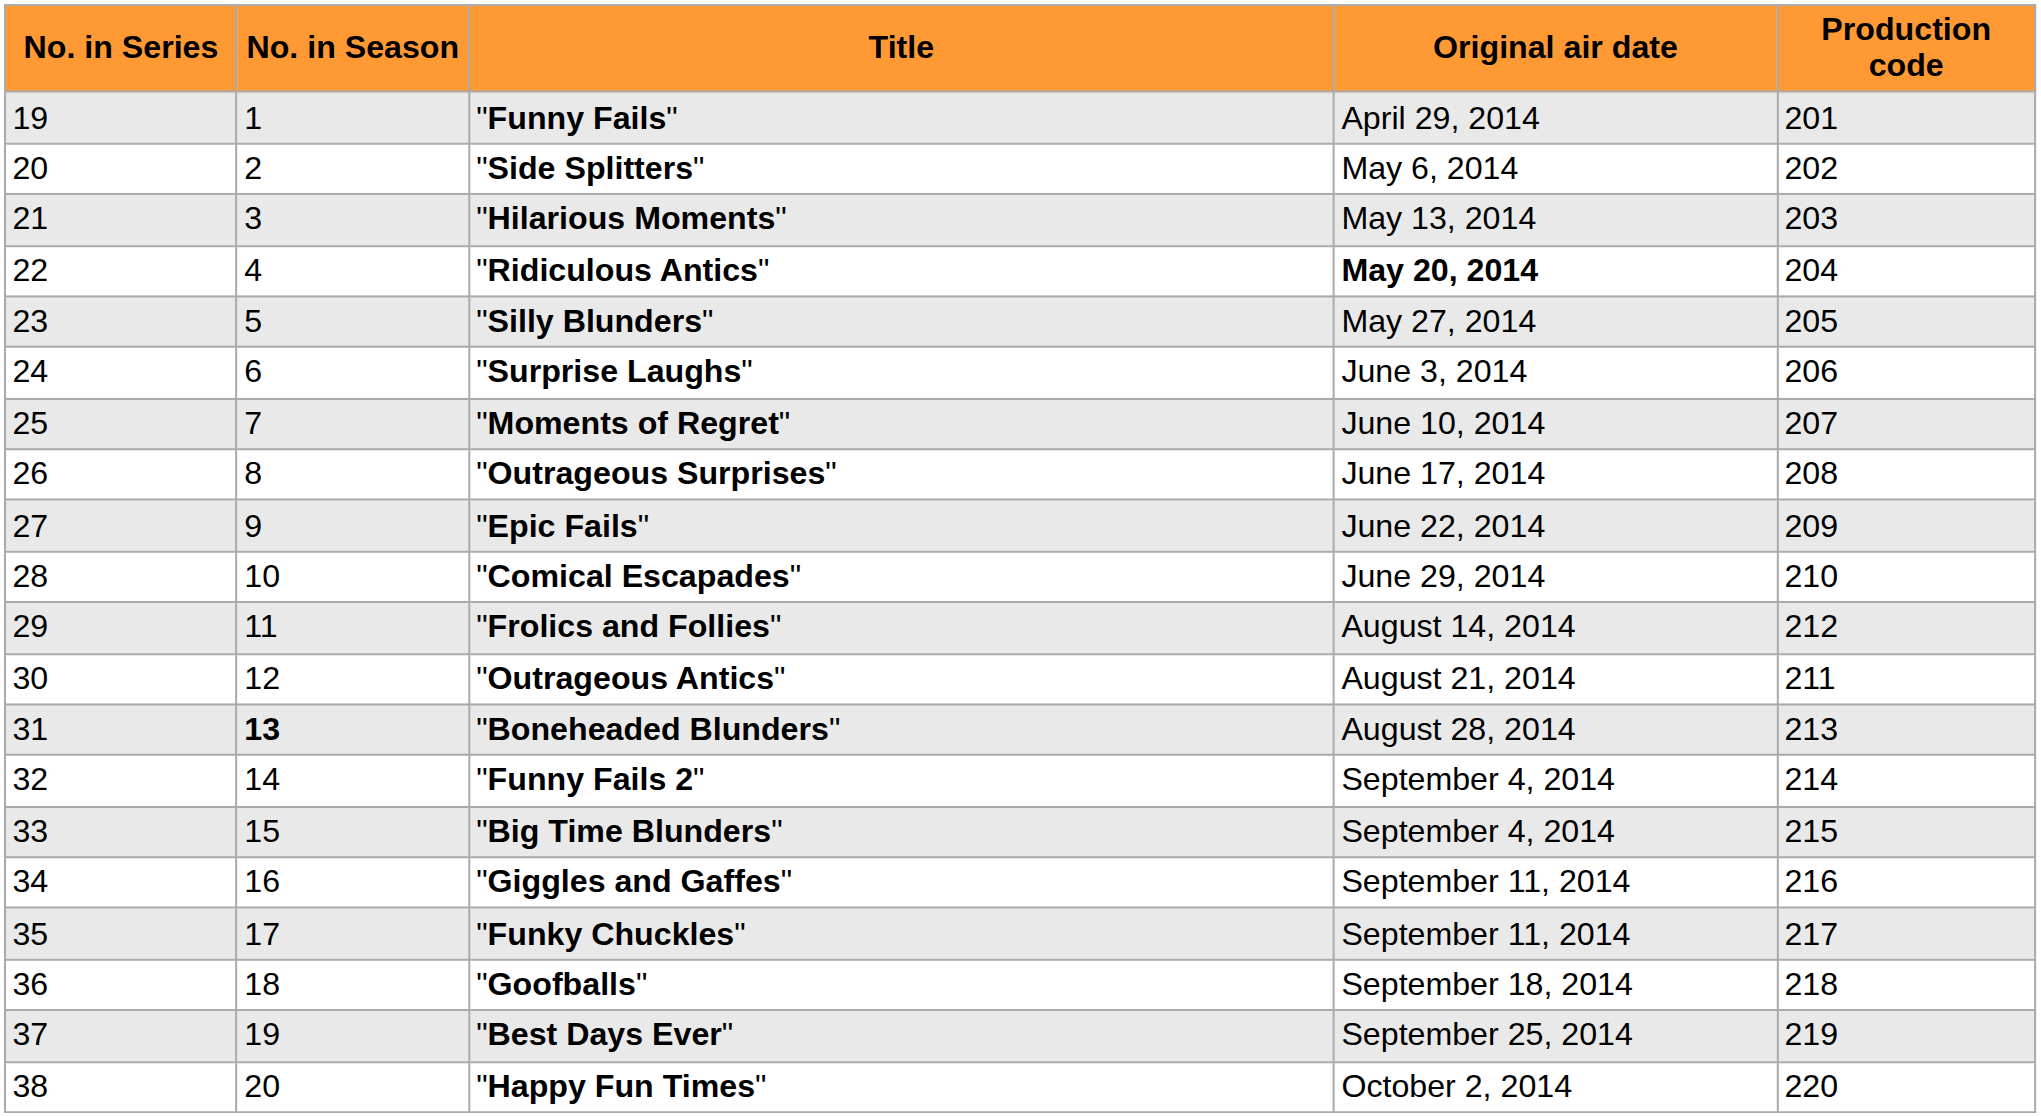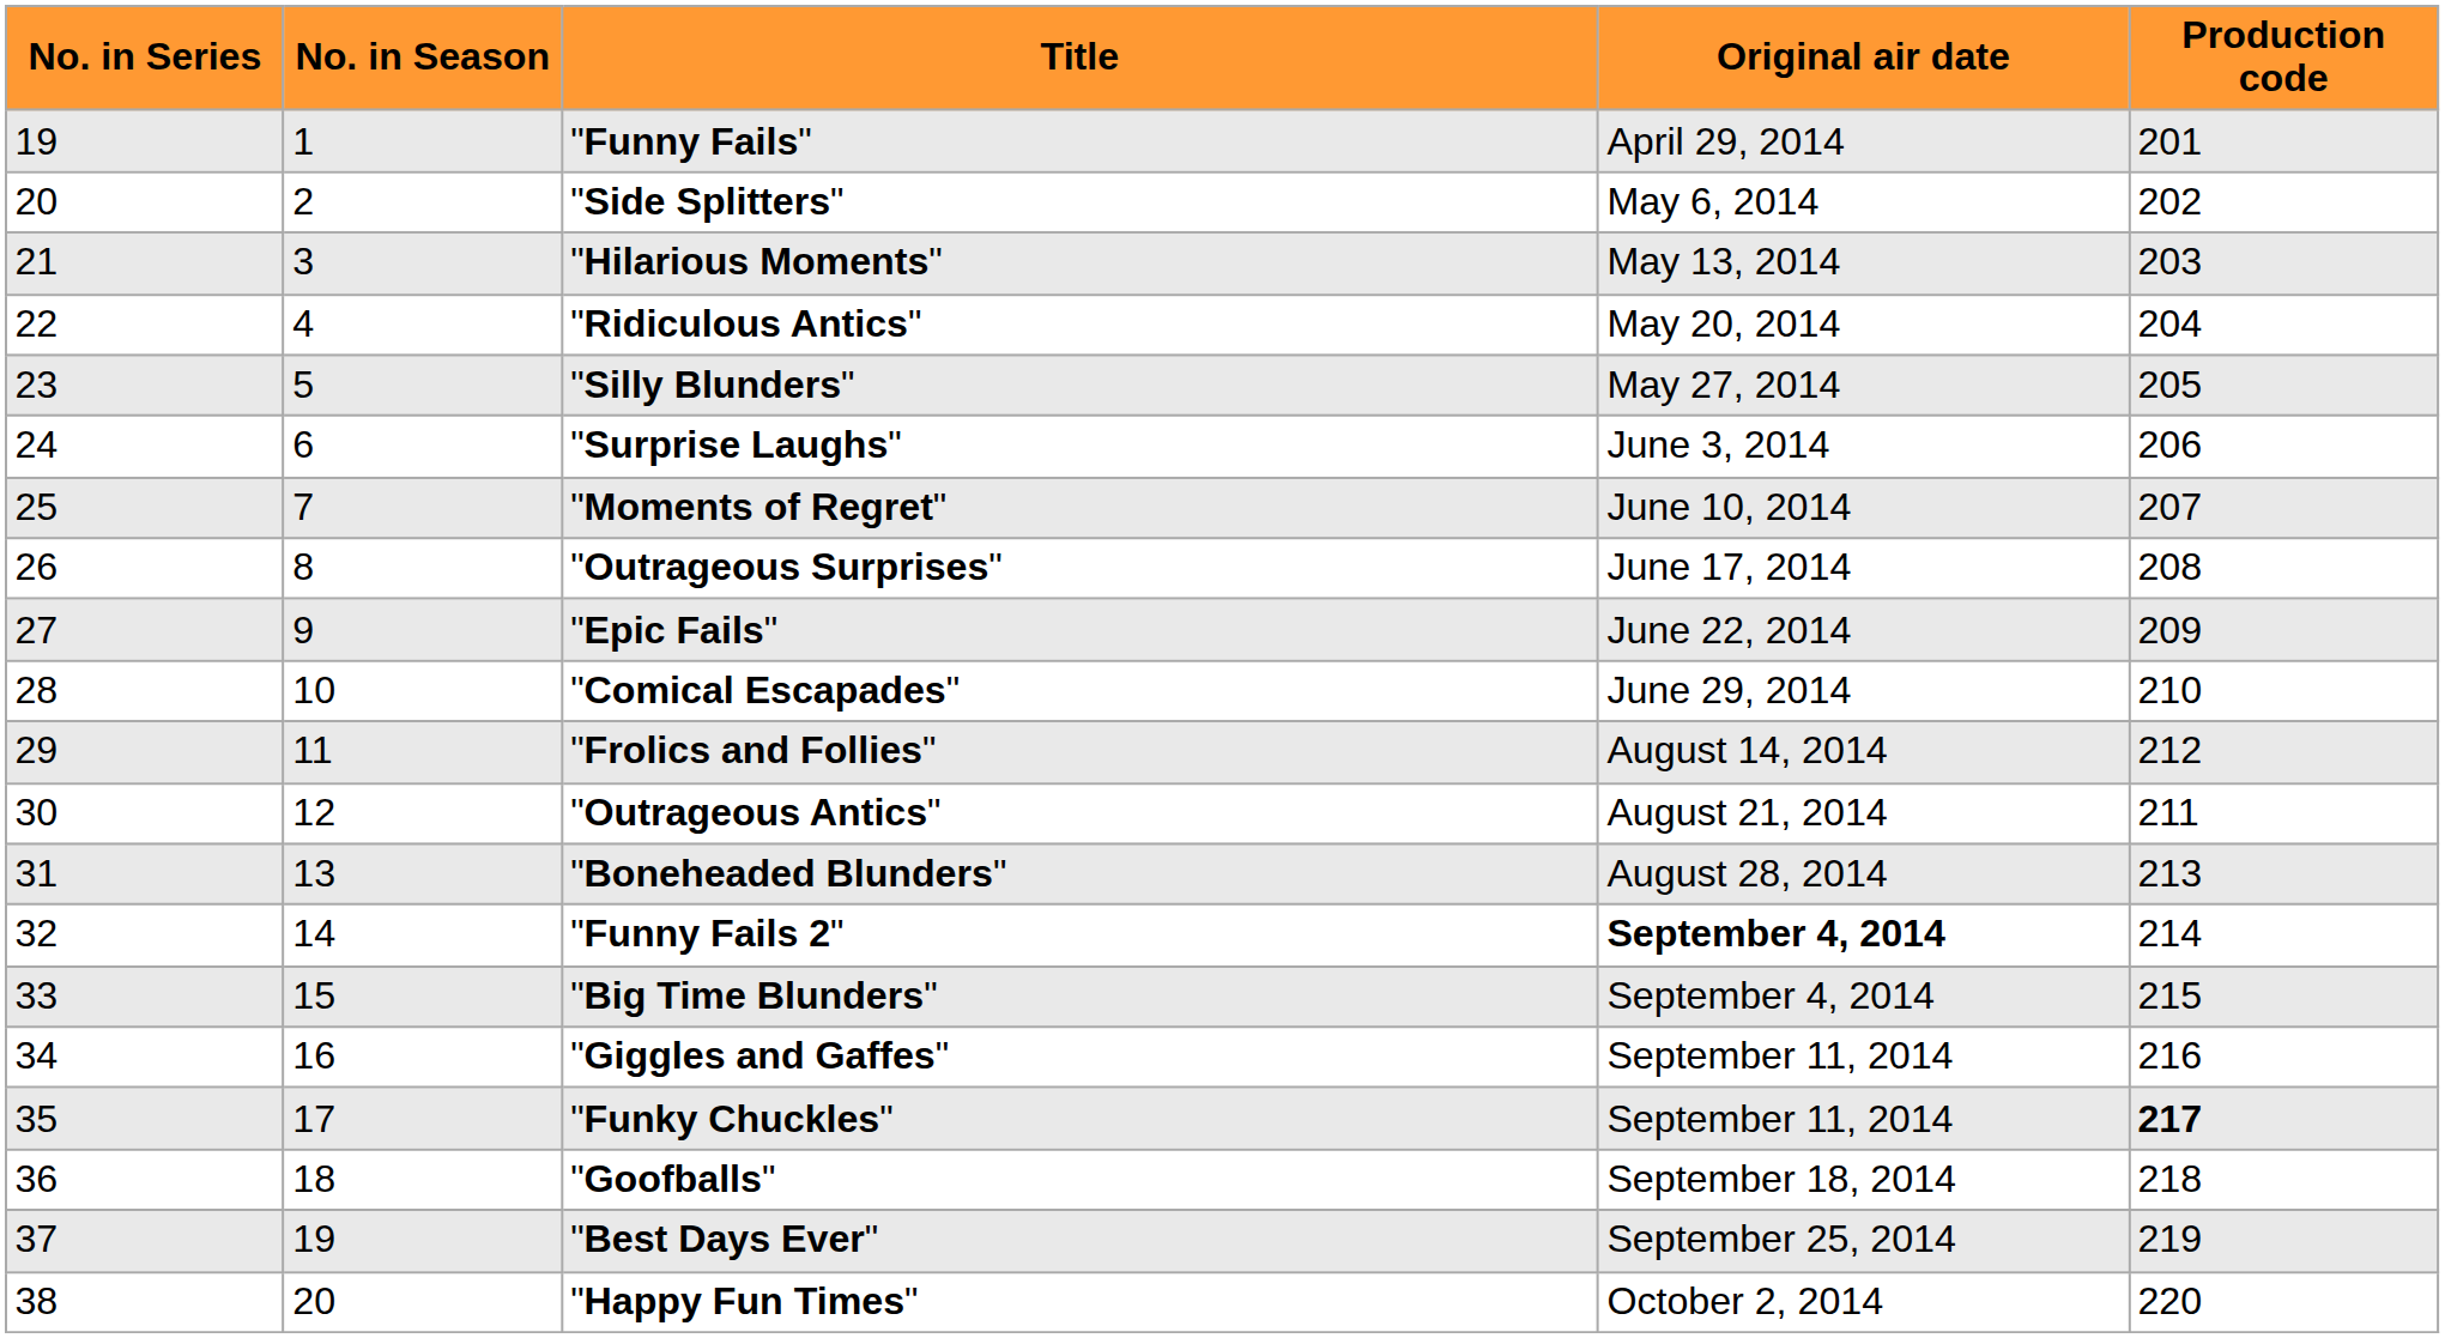 <table class="wikitable" width=80%>
 <tr>
 <th style="background-color: #f93; width:75px;">No. in Series</th>
 <th style="background-color: #f93; width:75px;">No. in Season</th>
 <th style="background-color: #f93; width:300px;">Title</th>
 <th style="background-color: #f93; width:150px;">Original air date</th>
 <th style="background-color: #f93; width:50px;">Production code</th>
 </tr>
 <tr style="background-color: #e9e9e9;">
 <td rowspan="1">19</td>
 <td>1</td>
 <td>"<strong>Funny Fails</strong>"</td>
 <td>April 29, 2014</td>
 <td>201</td>
 </tr>
 <tr style="background-color: #ffffff;">
 <td rowspan="1">20</td>
 <td>2</td>
 <td>"<strong>Side Splitters</strong>"</td>
 <td>May 6, 2014</td>
 <td>202</td>
 </tr>
 <tr style="background-color: #e9e9e9;">
 <td rowspan="1">21</td>
 <td>3</td>
 <td>"<strong>Hilarious Moments</strong>"</td>
 <td>May 13, 2014</td>
 <td>203</td>
 </tr>
 <tr style="background-color: #ffffff;">
 <td rowspan="1">22</td>
 <td>4</td>
 <td>"<strong>Ridiculous Antics</strong>"</td>
-<td><strong>May 20, 2014</strong></td>
+<td>May 20, 2014</td>
 <td>204</td>
 </tr>
 <tr style="background-color: #e9e9e9;">
 <td rowspan="1">23</td>
 <td>5</td>
 <td>"<strong>Silly Blunders</strong>"</td>
 <td>May 27, 2014</td>
 <td>205</td>
 </tr>
 <tr style="background-color: #ffffff;">
 <td rowspan="1">24</td>
 <td>6</td>
 <td>"<strong>Surprise Laughs</strong>"</td>
 <td>June 3, 2014</td>
 <td>206</td>
 </tr>
 <tr style="background-color: #e9e9e9;">
 <td rowspan="1">25</td>
 <td>7</td>
 <td>"<strong>Moments of Regret</strong>"</td>
 <td>June 10, 2014</td>
 <td>207</td>
 </tr>
 <tr style="background-color: #ffffff;">
 <td rowspan="1">26</td>
 <td>8</td>
 <td>"<strong>Outrageous Surprises</strong>"</td>
 <td>June 17, 2014</td>
 <td>208</td>
 </tr>
 <tr style="background-color: #e9e9e9;">
 <td rowspan="1">27</td>
 <td>9</td>
 <td>"<strong>Epic Fails</strong>"</td>
 <td>June 22, 2014</td>
 <td>209</td>
 </tr>
 <tr style="background-color: #ffffff;">
 <td rowspan="1">28</td>
 <td>10</td>
 <td>"<strong>Comical Escapades</strong>"</td>
 <td>June 29, 2014</td>
 <td>210</td>
 </tr>
 <tr style="background-color: #e9e9e9;">
 <td rowspan="1">29</td>
 <td>11</td>
 <td>"<strong>Frolics and Follies</strong>"</td>
 <td>August 14, 2014</td>
 <td>212</td>
 </tr>
 <tr style="background-color: #ffffff;">
 <td rowspan="1">30</td>
 <td>12</td>
 <td>"<strong>Outrageous Antics</strong>"</td>
 <td>August 21, 2014</td>
 <td>211</td>
 </tr>
 <tr style="background-color: #e9e9e9;">
 <td rowspan="1">31</td>
-<td><strong>13</strong></td>
+<td>13</td>
 <td>"<strong>Boneheaded Blunders</strong>"</td>
 <td>August 28, 2014</td>
 <td>213</td>
 </tr>
 <tr style="background-color: #ffffff;">
 <td rowspan="1">32</td>
 <td>14</td>
 <td>"<strong>Funny Fails 2</strong>"</td>
-<td>September 4, 2014</td>
+<td><strong>September 4, 2014</strong></td>
 <td>214</td>
 </tr>
 <tr style="background-color: #e9e9e9;">
 <td rowspan="1">33</td>
 <td>15</td>
 <td>"<strong>Big Time Blunders</strong>"</td>
 <td>September 4, 2014</td>
 <td>215</td>
 </tr>
 <tr style="background-color: #ffffff;">
 <td rowspan="1">34</td>
 <td>16</td>
 <td>"<strong>Giggles and Gaffes</strong>"</td>
 <td>September 11, 2014</td>
 <td>216</td>
 </tr>
 <tr style="background-color: #e9e9e9;">
 <td rowspan="1">35</td>
 <td>17</td>
 <td>"<strong>Funky Chuckles</strong>"</td>
 <td>September 11, 2014</td>
-<td>217</td>
+<td><strong>217</strong></td>
 </tr>
 <tr style="background-color: #ffffff;">
 <td rowspan="1">36</td>
 <td>18</td>
 <td>"<strong>Goofballs</strong>"</td>
 <td>September 18, 2014</td>
 <td>218</td>
 </tr>
 <tr style="background-color: #e9e9e9;">
 <td rowspan="1">37</td>
 <td>19</td>
 <td>"<strong>Best Days Ever</strong>"</td>
 <td>September 25, 2014</td>
 <td>219</td>
 </tr>
 <tr style="background-color: #ffffff;">
 <td rowspan="1">38</td>
 <td>20</td>
 <td>"<strong>Happy Fun Times</strong>"</td>
 <td>October 2, 2014</td>
 <td>220</td>
 </tr>
 <tr style="background-color: #e9e9e9;">
 </tr>
 </table>
